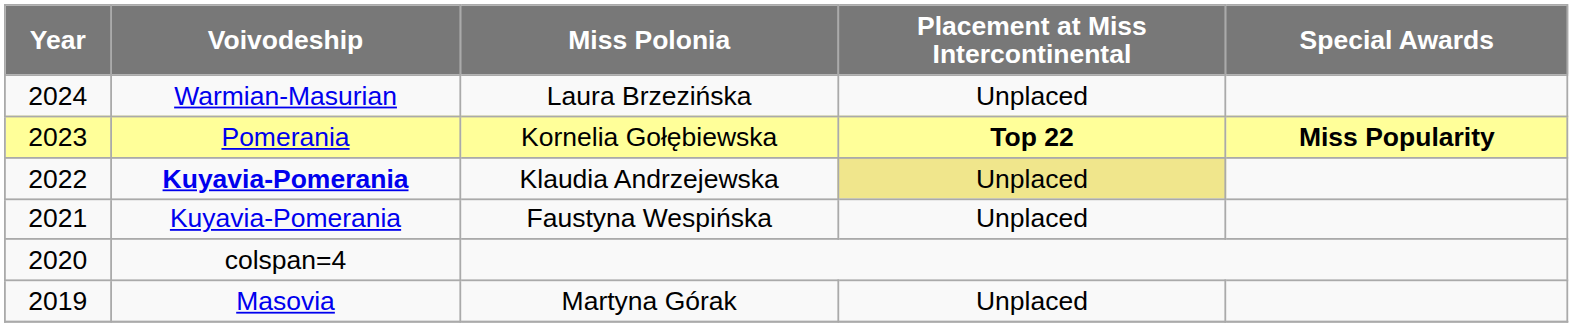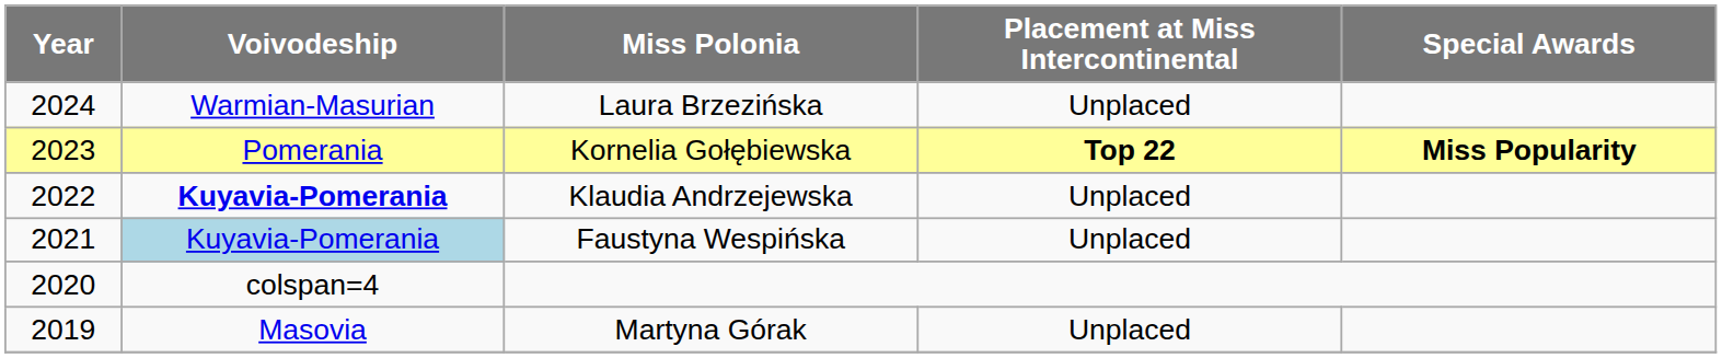 <table class="wikitable" style="font-size: 92%; text-align:center">
 <tr>
 <th width="60" style="background-color:#787878;color:#FFFFFF;">Year</th>
 <th width="230" style="background-color:#787878;color:#FFFFFF;">Voivodeship</th>
 <th width="250" style="background-color:#787878;color:#FFFFFF;"><strong>Miss Polonia</strong></th>
 <th width="250" style="background-color:#787878;color:#FFFFFF;">Placement at Miss Intercontinental</th>
 <th width="230" style="background-color:#787878;color:#FFFFFF;">Special Awards</th>
 </tr>
 <tr>
 <td>2024</td>
 <td><a href='#'>Warmian-Masurian</a></td>
 <td>Laura Brzezińska</td>
 <td>Unplaced</td>
 <td></td>
 </tr>
 <tr style="background-color:#FFFF99;">
 <td>2023</td>
 <td><a href='#'>Pomerania</a></td>
 <td>Kornelia Gołębiewska</td>
 <td><strong>Top 22</strong></td>
 <td><strong>Miss Popularity</strong></td>
 </tr>
 <tr>
 <td>2022</td>
 <td><strong><a href='#'>Kuyavia-Pomerania</a></strong></td>
 <td>Klaudia Andrzejewska</td>
-<td style="background: khaki;">Unplaced</td>
+<td>Unplaced</td>
 <td></td>
 </tr>
 <tr>
 <td>2021</td>
-<td><a href='#'>Kuyavia-Pomerania</a></td>
+<td style="background: lightblue;"><a href='#'>Kuyavia-Pomerania</a></td>
 <td>Faustyna Wespińska</td>
 <td>Unplaced</td>
 <td></td>
 </tr>
 <tr>
 <td>2020</td>
 <td>colspan=4 </td>
 </tr>
 <tr>
 <td>2019</td>
 <td><a href='#'>Masovia</a></td>
 <td>Martyna Górak</td>
 <td>Unplaced</td>
 <td></td>
 </tr>
 <tr>
 </tr>
 </table>
